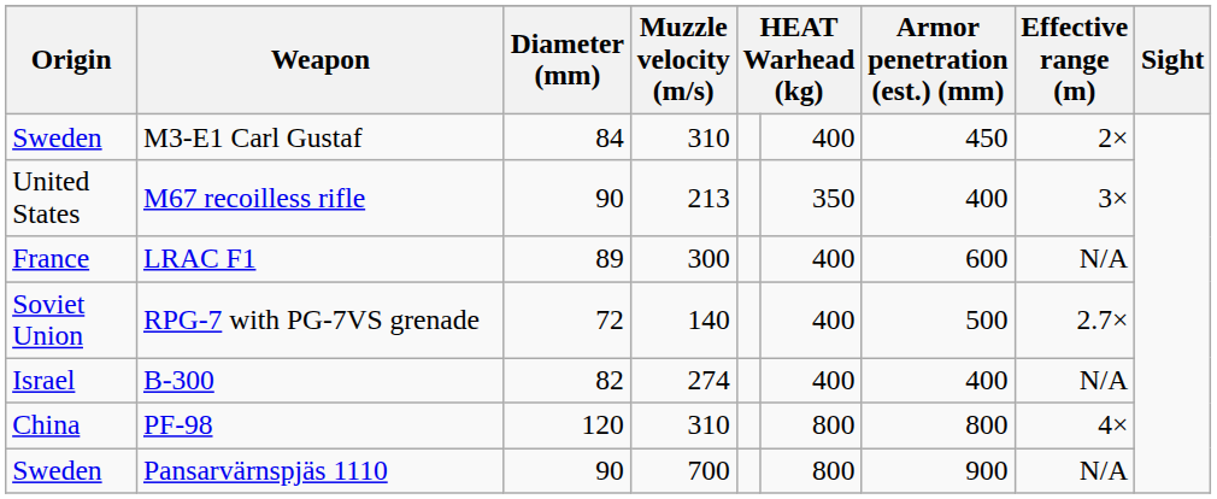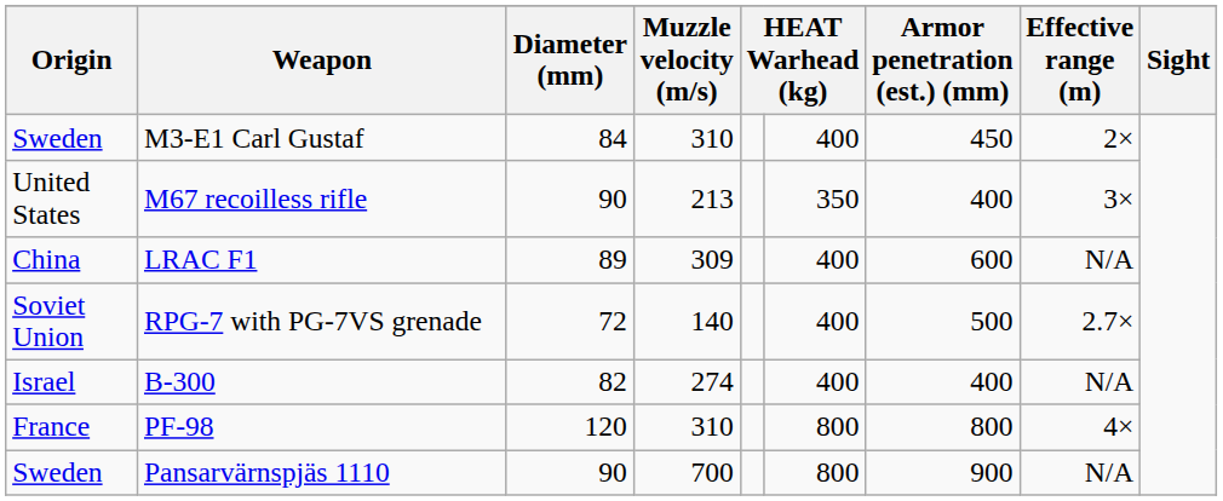 <table class="wikitable sortable"  style="text-align: right;">
 <tr>
 </tr>
 <tr>
 <th scope="col" style="width: 50pt;">Origin</th>
 <th scope="col" style="width: 150pt;">Weapon</th>
 <th scope="col">Diameter <br>(mm)</th>
 <th>Muzzle<br> velocity<br> (m/s)</th>
 <th colspan=2>HEAT <br>Warhead <br>(kg)</th>
 <th>Armor<br> penetration<br> (est.) (mm)</th>
 <th>Effective<br> range <br>(m)</th>
 <th>Sight</th>
 </tr>
 <tr>
 <td style="text-align: left;"><a href='#'>Sweden</a></td>
 <td style="text-align: left;">M3-E1 Carl Gustaf</td>
 <td>84</td>
 <td>310</td>
 <td></td>
 <td>400</td>
 <td>450</td>
 <td>2×</td>
 </tr>
 <tr>
 <td style="text-align: left;">United States</td>
 <td style="text-align: left;"><a href='#'>M67 recoilless rifle</a></td>
 <td>90</td>
 <td>213</td>
 <td></td>
 <td>350</td>
 <td>400</td>
 <td>3×</td>
 </tr>
 <tr>
-<td style="text-align: left;"><a href='#'>France</a></td>
+<td style="text-align: left;"><a href='#'>China</a></td>
 <td style="text-align: left;"><a href='#'>LRAC F1</a></td>
 <td>89</td>
-<td>300</td>
+<td>309</td>
 <td></td>
 <td>400</td>
 <td>600</td>
 <td>N/A</td>
 </tr>
 <tr>
 <td style="text-align: left;"><a href='#'>Soviet Union</a></td>
 <td style="text-align: left;"><a href='#'>RPG-7</a> with PG-7VS grenade</td>
 <td>72</td>
 <td>140</td>
 <td></td>
 <td>400</td>
 <td>500</td>
 <td>2.7×</td>
 </tr>
 <tr>
 <td style="text-align: left;"><a href='#'>Israel</a></td>
 <td style="text-align: left;"><a href='#'>B-300</a></td>
 <td>82</td>
 <td>274</td>
 <td></td>
 <td>400</td>
 <td>400</td>
 <td>N/A</td>
 </tr>
 <tr>
-<td style="text-align: left;"><a href='#'>China</a></td>
+<td style="text-align: left;"><a href='#'>France</a></td>
 <td style="text-align: left;"><a href='#'>PF-98</a></td>
 <td>120</td>
 <td>310</td>
 <td></td>
 <td>800</td>
 <td>800</td>
 <td>4×</td>
 </tr>
 <tr>
 <td style="text-align: left;"><a href='#'>Sweden</a></td>
 <td style="text-align: left;"><a href='#'>Pansarvärnspjäs 1110</a></td>
 <td>90</td>
 <td>700</td>
 <td></td>
 <td>800</td>
 <td>900</td>
 <td>N/A</td>
 </tr>
 </table>
